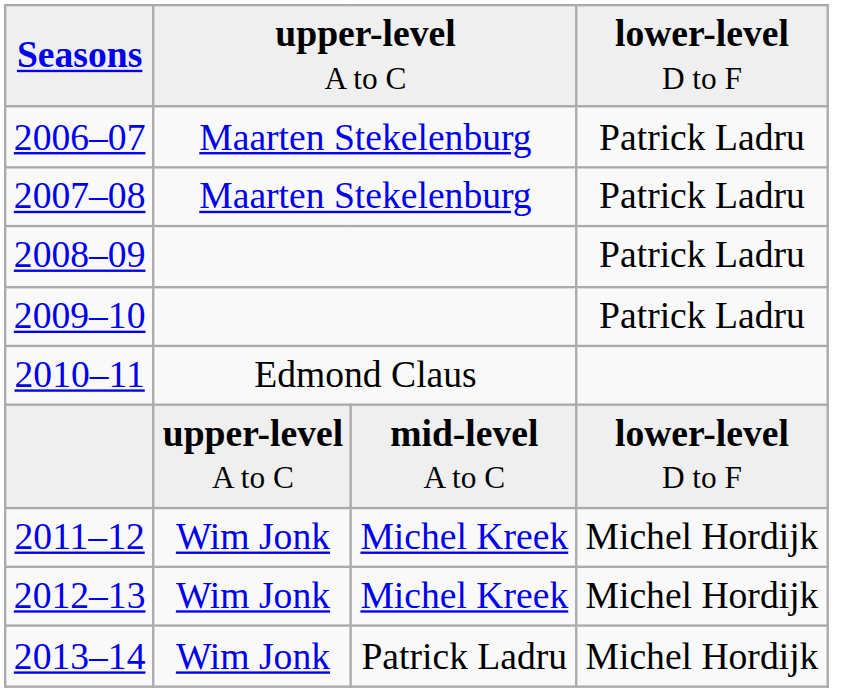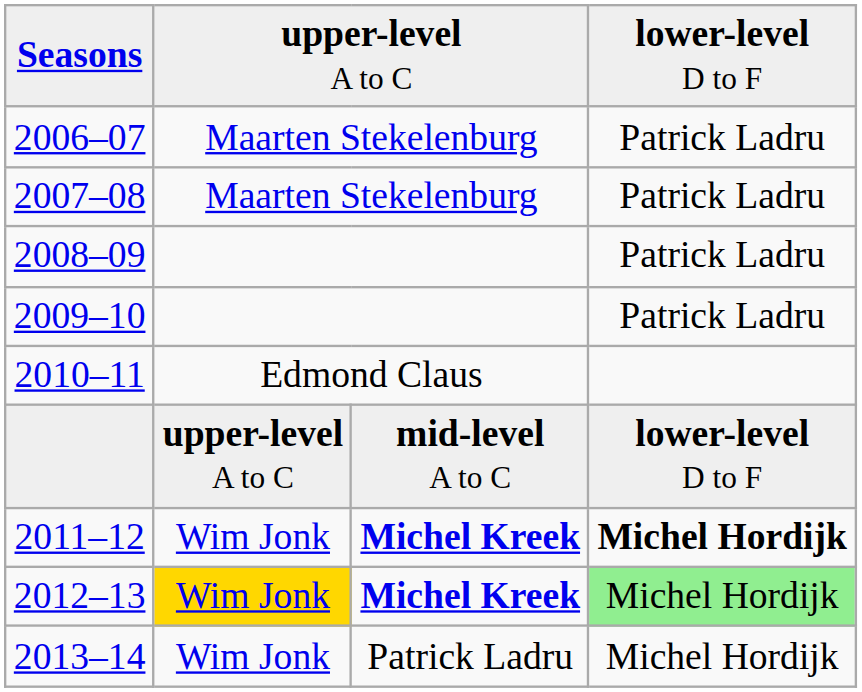 <table class="wikitable" style="text-align:center">
 <tr>
 <td style="background:#efefef; color:#000;" align="center"><strong><a href='#'>Seasons</a></strong></td>
 <td style="background:#efefef; color:#000;" colspan=2 align="center"><strong>upper-level</strong><br><small>A to C</small></td>
 <td style="background:#efefef; color:#000;" align="center"><strong>lower-level</strong> <br><small>D to F</small></td>
 </tr>
 <tr>
 <td><a href='#'>2006–07</a></td>
 <td colspan="2"><a href='#'>Maarten Stekelenburg</a></td>
 <td>Patrick Ladru</td>
 </tr>
 <tr>
 <td><a href='#'>2007–08</a></td>
 <td colspan="2"><a href='#'>Maarten Stekelenburg</a></td>
 <td>Patrick Ladru</td>
 </tr>
 <tr>
 <td><a href='#'>2008–09</a></td>
 <td colspan="2"></td>
 <td>Patrick Ladru</td>
 </tr>
 <tr>
 <td><a href='#'>2009–10</a></td>
 <td colspan="2"></td>
 <td>Patrick Ladru</td>
 </tr>
 <tr>
 <td><a href='#'>2010–11</a></td>
 <td colspan="2">Edmond Claus</td>
 <td></td>
 </tr>
 <tr>
 <td style="background:#efefef; color:#000;" align="center"></td>
 <td style="background:#efefef; color:#000;" align="center"><strong>upper-level</strong><br><small>A to C</small></td>
 <td style="background:#efefef; color:#000;" align="center"><strong>mid-level</strong><br><small>A to C</small></td>
 <td style="background:#efefef; color:#000;" align="center"><strong>lower-level</strong> <br><small>D to F</small></td>
 </tr>
 <tr>
 <td><a href='#'>2011–12</a></td>
 <td><a href='#'>Wim Jonk</a></td>
-<td><a href='#'>Michel Kreek</a></td>
-<td>Michel Hordijk</td>
+<td><strong><a href='#'>Michel Kreek</a></strong></td>
+<td><strong>Michel Hordijk</strong></td>
 </tr>
 <tr>
 <td><a href='#'>2012–13</a></td>
-<td><a href='#'>Wim Jonk</a></td>
-<td><a href='#'>Michel Kreek</a></td>
-<td>Michel Hordijk</td>
+<td style="background: gold;"><a href='#'>Wim Jonk</a></td>
+<td><strong><a href='#'>Michel Kreek</a></strong></td>
+<td style="background: lightgreen;">Michel Hordijk</td>
 </tr>
 <tr>
 <td><a href='#'>2013–14</a></td>
 <td><a href='#'>Wim Jonk</a></td>
 <td>Patrick Ladru</td>
 <td>Michel Hordijk</td>
 </tr>
 </table>
